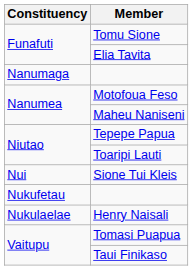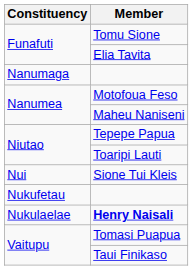 <table class=wikitable>
 <tr>
 <th>Constituency</th>
 <th>Member</th>
 </tr>
 <tr>
 <td rowspan=2><a href='#'>Funafuti</a></td>
 <td><a href='#'>Tomu Sione</a></td>
 </tr>
 <tr>
 <td><a href='#'>Elia Tavita</a></td>
 </tr>
 <tr>
 <td><a href='#'>Nanumaga</a></td>
 <td></td>
 </tr>
 <tr>
 <td rowspan=2><a href='#'>Nanumea</a></td>
 <td><a href='#'>Motofoua Feso</a></td>
 </tr>
 <tr>
 <td><a href='#'>Maheu Naniseni</a></td>
 </tr>
 <tr>
 <td rowspan=2><a href='#'>Niutao</a></td>
 <td><a href='#'>Tepepe Papua</a></td>
 </tr>
 <tr>
 <td><a href='#'>Toaripi Lauti</a></td>
 </tr>
 <tr>
 <td><a href='#'>Nui</a></td>
 <td><a href='#'>Sione Tui Kleis</a></td>
 </tr>
 <tr>
 <td><a href='#'>Nukufetau</a></td>
 <td></td>
 </tr>
 <tr>
 <td><a href='#'>Nukulaelae</a></td>
-<td><a href='#'>Henry Naisali</a></td>
+<td><strong><a href='#'>Henry Naisali</a></strong></td>
 </tr>
 <tr>
 <td rowspan=2><a href='#'>Vaitupu</a></td>
 <td><a href='#'>Tomasi Puapua</a></td>
 </tr>
 <tr>
 <td><a href='#'>Taui Finikaso</a></td>
 </tr>
 </table>
